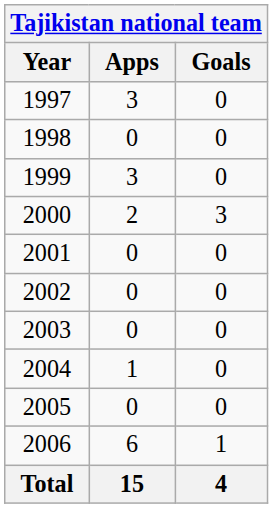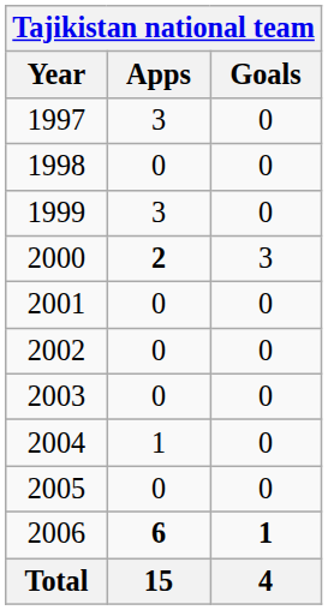 <table class="wikitable" style="text-align:center">
 <tr>
 <th colspan=3><a href='#'>Tajikistan national team</a></th>
 </tr>
 <tr>
 <th>Year</th>
 <th>Apps</th>
 <th>Goals</th>
 </tr>
 <tr>
 <td>1997</td>
 <td>3</td>
 <td>0</td>
 </tr>
 <tr>
 <td>1998</td>
 <td>0</td>
 <td>0</td>
 </tr>
 <tr>
 <td>1999</td>
 <td>3</td>
 <td>0</td>
 </tr>
 <tr>
 <td>2000</td>
-<td>2</td>
+<td><strong>2</strong></td>
 <td>3</td>
 </tr>
 <tr>
 <td>2001</td>
 <td>0</td>
 <td>0</td>
 </tr>
 <tr>
 <td>2002</td>
 <td>0</td>
 <td>0</td>
 </tr>
 <tr>
 <td>2003</td>
 <td>0</td>
 <td>0</td>
 </tr>
 <tr>
 <td>2004</td>
 <td>1</td>
 <td>0</td>
 </tr>
 <tr>
 <td>2005</td>
 <td>0</td>
 <td>0</td>
 </tr>
 <tr>
 <td>2006</td>
-<td>6</td>
-<td>1</td>
+<td><strong>6</strong></td>
+<td><strong>1</strong></td>
 </tr>
 <tr>
 <th>Total</th>
 <th>15</th>
 <th>4</th>
 </tr>
 </table>
